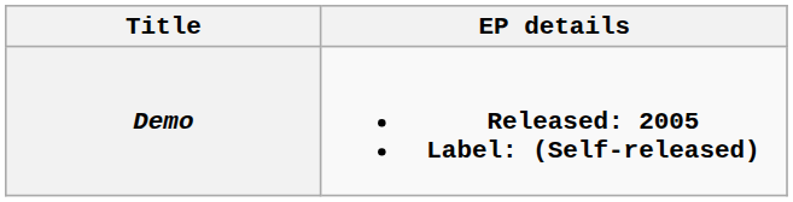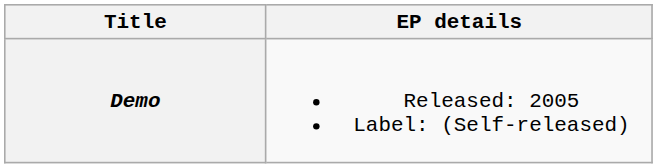 <table class="wikitable plainrowheaders" style="text-align:center;">
 <tr>
 <th scope="col" style="width:12em;">Title</th>
 <th scope="col" style="width:18em;">EP details</th>
 </tr>
 <tr>
 <th scope="row"><em>Demo</em></th>
-<td><strong><br><ul><li>Released: 2005</li><li>Label: (Self-released)</li></ul></strong></td>
+<td><br><ul><li>Released: 2005</li><li>Label: (Self-released)</li></ul></td>
 </tr>
 </table>
